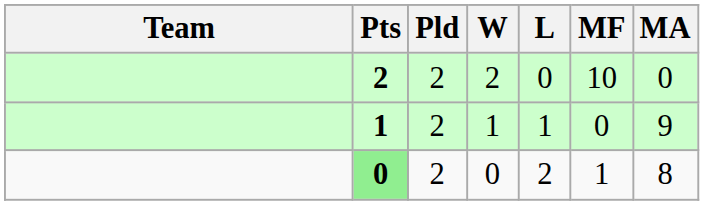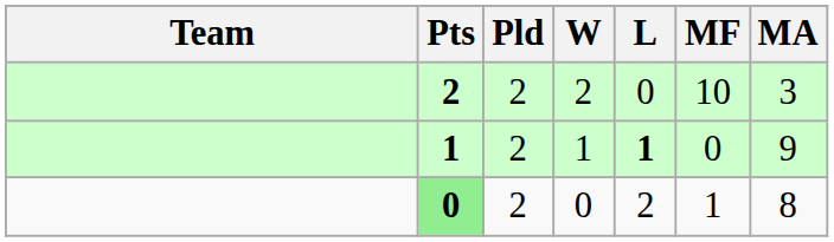 <table class=wikitable style="text-align:center">
 <tr>
 <th width=175>Team</th>
 <th width=20>Pts</th>
 <th width=20>Pld</th>
 <th width=20>W</th>
 <th width=20>L</th>
 <th width=20>MF</th>
 <th width=20>MA</th>
 </tr>
 <tr bgcolor=ccffcc>
 <td style="text-align:left"><strong></strong></td>
 <td><strong>2</strong></td>
 <td>2</td>
 <td>2</td>
 <td>0</td>
 <td>10</td>
-<td>0</td>
+<td>3</td>
 </tr>
 <tr bgcolor=ccffcc>
 <td style="text-align:left"><strong></strong></td>
 <td><strong>1</strong></td>
 <td>2</td>
 <td>1</td>
-<td>1</td>
+<td><strong>1</strong></td>
 <td>0</td>
 <td>9</td>
 </tr>
 <tr>
 <td style="text-align:left"><strong></strong></td>
 <td style="background: lightgreen;"><strong>0</strong></td>
 <td>2</td>
 <td>0</td>
 <td>2</td>
 <td>1</td>
 <td>8</td>
 </tr>
 </table>
